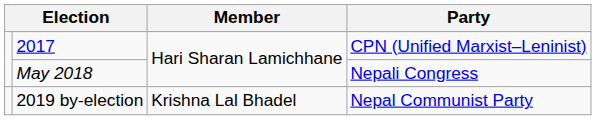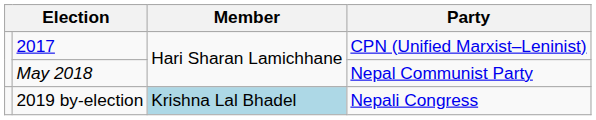 <table class="wikitable">
 <tr>
 <th colspan="2">Election</th>
 <th>Member</th>
 <th>Party</th>
 </tr>
 <tr>
 <td rowspan="2" style="background-color:"></td>
 <td><a href='#'>2017</a></td>
 <td rowspan="2">Hari Sharan Lamichhane</td>
 <td><a href='#'>CPN (Unified Marxist–Leninist)</a></td>
 </tr>
 <tr>
 <td><em>May 2018</em></td>
-<td><a href='#'>Nepali Congress</a></td>
+<td><a href='#'>Nepal Communist Party</a></td>
 </tr>
 <tr>
 <td style="background-color:"></td>
 <td>2019 by-election</td>
-<td>Krishna Lal Bhadel</td>
-<td><a href='#'>Nepal Communist Party</a></td>
+<td style="background: lightblue;">Krishna Lal Bhadel</td>
+<td><a href='#'>Nepali Congress</a></td>
 </tr>
 </table>
